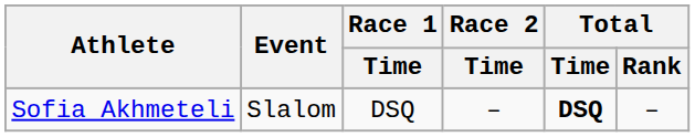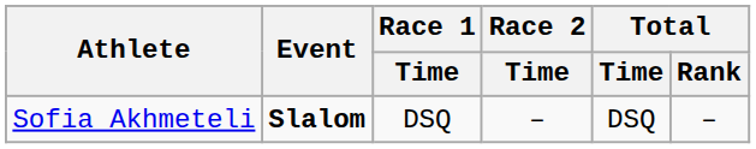 <table class="wikitable" style="font-size:90%">
 <tr>
 <th rowspan="2">Athlete</th>
 <th rowspan="2">Event</th>
 <th>Race 1</th>
 <th>Race 2</th>
 <th colspan="2">Total</th>
 </tr>
 <tr>
 <th>Time</th>
 <th>Time</th>
 <th>Time</th>
 <th>Rank</th>
 </tr>
 <tr>
 <td><a href='#'>Sofia Akhmeteli</a></td>
-<td>Slalom</td>
+<td><strong>Slalom</strong></td>
 <td align="center">DSQ</td>
 <td align="center">–</td>
-<td align="center"><strong>DSQ</strong></td>
+<td align="center">DSQ</td>
 <td align="center">–</td>
 </tr>
 </table>
